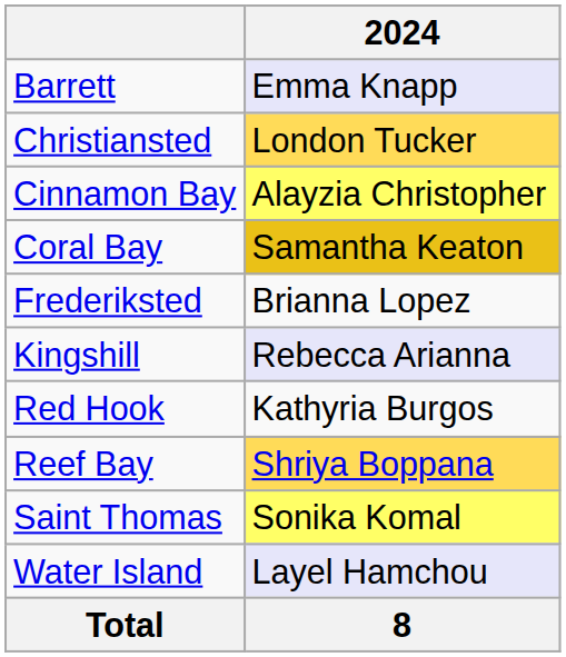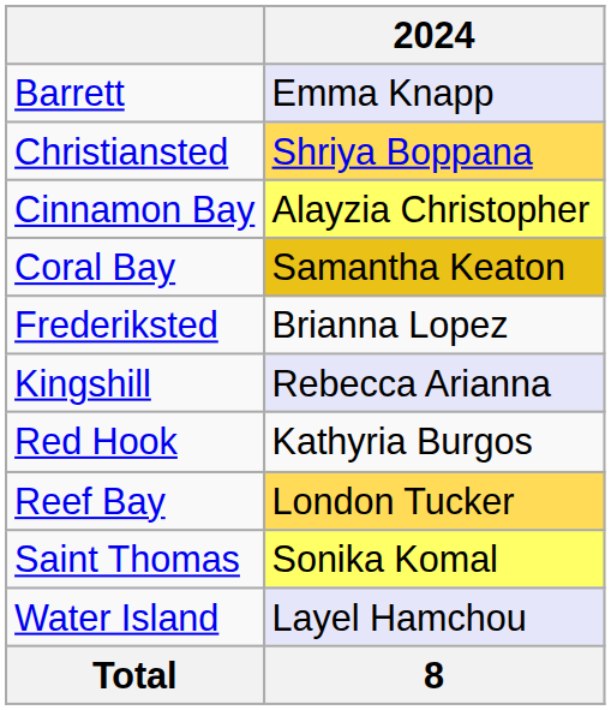 <table class="wikitable" style="font-size: 95%">
 <tr>
 <th></th>
 <th>2024</th>
 </tr>
 <tr>
 <td><a href='#'>Barrett</a></td>
 <td bgcolor=#E6E6FA>Emma Knapp </td>
 </tr>
 <tr>
 <td><a href='#'>Christiansted</a></td>
-<td bgcolor=#FFDB58>London Tucker </td>
+<td bgcolor=#FFDB58><a href='#'>Shriya Boppana</a> </td>
 </tr>
 <tr>
 <td><a href='#'>Cinnamon Bay</a></td>
 <td bgcolor=#FFFF66>Alayzia Christopher </td>
 </tr>
 <tr>
 <td><a href='#'>Coral Bay</a></td>
 <td bgcolor=#EAC117>Samantha Keaton   </td>
 </tr>
 <tr>
 <td><a href='#'>Frederiksted</a></td>
 <td>Brianna Lopez</td>
 </tr>
 <tr>
 <td><a href='#'>Kingshill</a></td>
 <td style="background: lavender;">Rebecca Arianna</td>
 </tr>
 <tr>
 <td><a href='#'>Red Hook</a></td>
 <td>Kathyria Burgos</td>
 </tr>
 <tr>
 <td><a href='#'>Reef Bay</a></td>
-<td bgcolor=#FFDB58><a href='#'>Shriya Boppana</a> </td>
+<td bgcolor=#FFDB58>London Tucker </td>
 </tr>
 <tr>
 <td><a href='#'>Saint Thomas</a></td>
 <td bgcolor=#FFFF66>Sonika Komal </td>
 </tr>
 <tr>
 <td><a href='#'>Water Island</a></td>
 <td bgcolor=#E6E6FA>Layel Hamchou </td>
 </tr>
 <tr>
 <th>Total</th>
 <th>8</th>
 </tr>
 </table>
